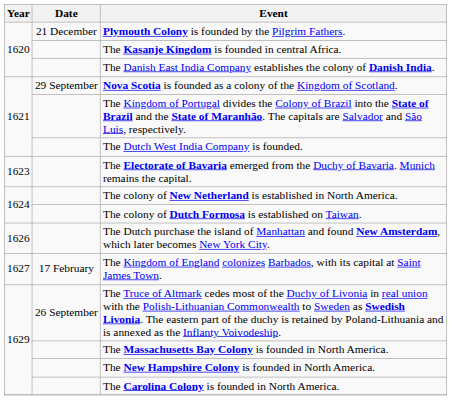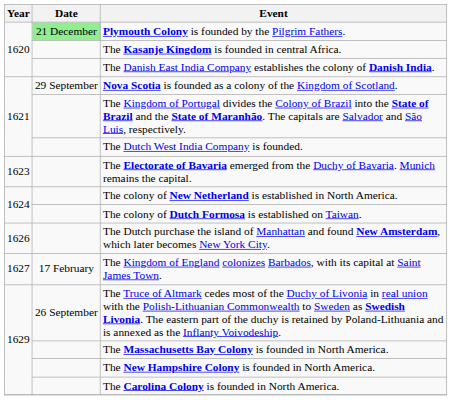 <table class=wikitable style="width:100%;">
 <tr>
 <th style="width:6%">Year</th>
 <th style="width:8%">Date</th>
 <th style="width:86%">Event</th>
 </tr>
 <tr>
 <td rowspan=3 align=center>1620</td>
-<td align=center>21 December</td>
+<td align=center style="background: lightgreen;">21 December</td>
 <td><strong><a href='#'>Plymouth Colony</a></strong> is founded by the <a href='#'>Pilgrim Fathers</a>.</td>
 </tr>
 <tr>
 <td></td>
 <td>The <strong><a href='#'>Kasanje Kingdom</a></strong> is founded in central Africa.</td>
 </tr>
 <tr>
 <td></td>
 <td>The <a href='#'>Danish East India Company</a> establishes the colony of <strong><a href='#'>Danish India</a></strong>.</td>
 </tr>
 <tr>
 <td rowspan=3 align=center>1621</td>
 <td align=center>29 September</td>
 <td><strong><a href='#'>Nova Scotia</a></strong> is founded as a colony of the <a href='#'>Kingdom of Scotland</a>.</td>
 </tr>
 <tr>
 <td></td>
 <td>The <a href='#'>Kingdom of Portugal</a> divides the <a href='#'>Colony of Brazil</a> into the <strong><a href='#'>State of Brazil</a></strong> and the <strong><a href='#'>State of Maranhão</a></strong>. The capitals are <a href='#'>Salvador</a> and <a href='#'>São Luis</a>, respectively.</td>
 </tr>
 <tr>
 <td></td>
 <td>The <a href='#'>Dutch West India Company</a> is founded.</td>
 </tr>
 <tr>
 <td align=center>1623</td>
 <td></td>
 <td>The <strong><a href='#'>Electorate of Bavaria</a></strong> emerged from the <a href='#'>Duchy of Bavaria</a>. <a href='#'>Munich</a> remains the capital.</td>
 </tr>
 <tr>
 <td rowspan=2 align=center>1624</td>
 <td></td>
 <td>The colony of <strong><a href='#'>New Netherland</a></strong> is established in North America.</td>
 </tr>
 <tr>
 <td></td>
 <td>The colony of <strong><a href='#'>Dutch Formosa</a></strong> is established on <a href='#'>Taiwan</a>.</td>
 </tr>
 <tr>
 <td align=center>1626</td>
 <td></td>
 <td>The Dutch purchase the island of <a href='#'>Manhattan</a> and found <strong><a href='#'>New Amsterdam</a></strong>, which later becomes <a href='#'>New York City</a>.</td>
 </tr>
 <tr>
 <td align=center>1627</td>
 <td align=center>17 February</td>
 <td>The <a href='#'>Kingdom of England</a> <a href='#'>colonizes</a> <a href='#'>Barbados</a>, with its capital at <a href='#'>Saint James Town</a>.</td>
 </tr>
 <tr>
 <td rowspan=4 align=center>1629</td>
 <td align=center>26 September</td>
 <td>The <a href='#'>Truce of Altmark</a> cedes most of the <a href='#'>Duchy of Livonia</a> in <a href='#'>real union</a> with the <a href='#'>Polish-Lithuanian Commonwealth</a> to <a href='#'>Sweden</a> as <strong><a href='#'>Swedish Livonia</a></strong>. The eastern part of the duchy is retained by Poland-Lithuania and is annexed as the <a href='#'>Inflanty Voivodeship</a>.</td>
 </tr>
 <tr>
 <td></td>
 <td>The <strong><a href='#'>Massachusetts Bay Colony</a></strong> is founded in North America.</td>
 </tr>
 <tr>
 <td></td>
 <td>The <strong><a href='#'>New Hampshire Colony</a></strong> is founded in North America.</td>
 </tr>
 <tr>
 <td></td>
 <td>The <strong><a href='#'>Carolina Colony</a></strong> is founded in North America.</td>
 </tr>
 <tr>
 </tr>
 </table>
